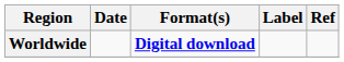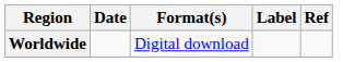 <table class="wikitable plainrowheaders">
 <tr>
 <th scope="col">Region</th>
 <th scope="col">Date</th>
 <th scope="col">Format(s)</th>
 <th scope="col">Label</th>
 <th scope="col">Ref</th>
 </tr>
 <tr>
 <th scope="row">Worldwide</th>
 <td></td>
-<td><strong><a href='#'>Digital download</a></strong></td>
+<td><a href='#'>Digital download</a></td>
 <td></td>
 <td></td>
 </tr>
 <tr>
 </tr>
 </table>
